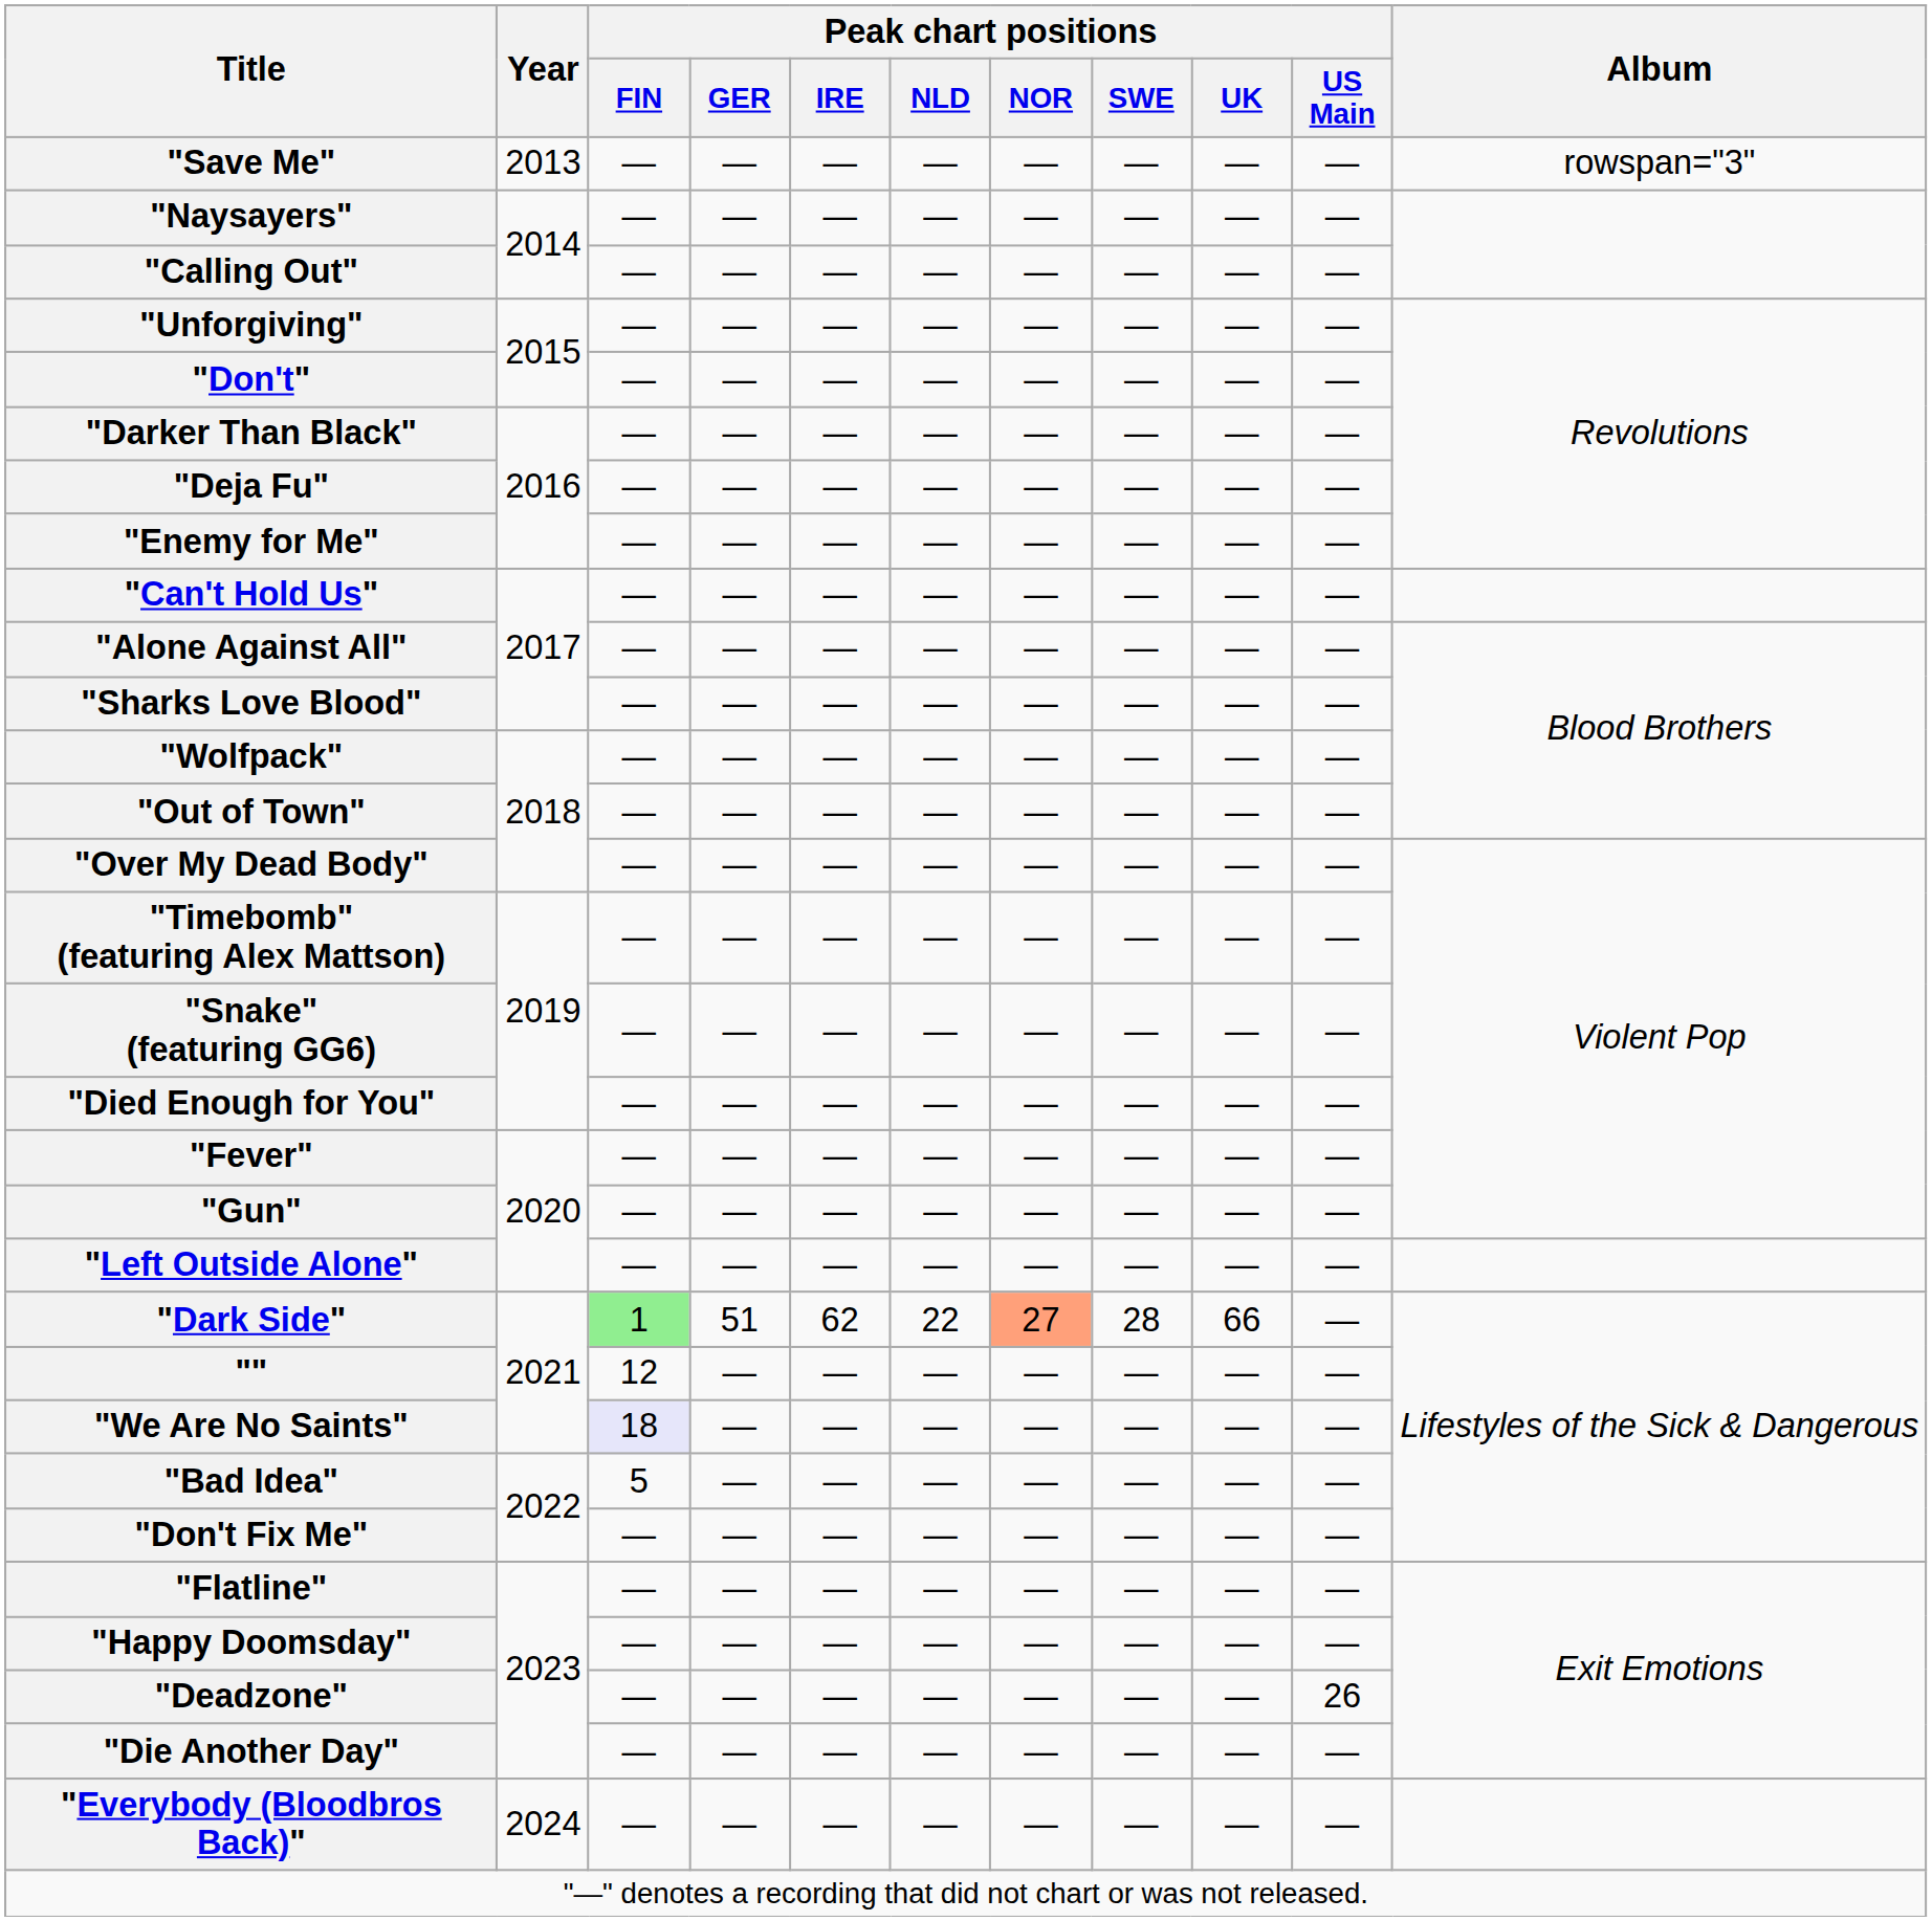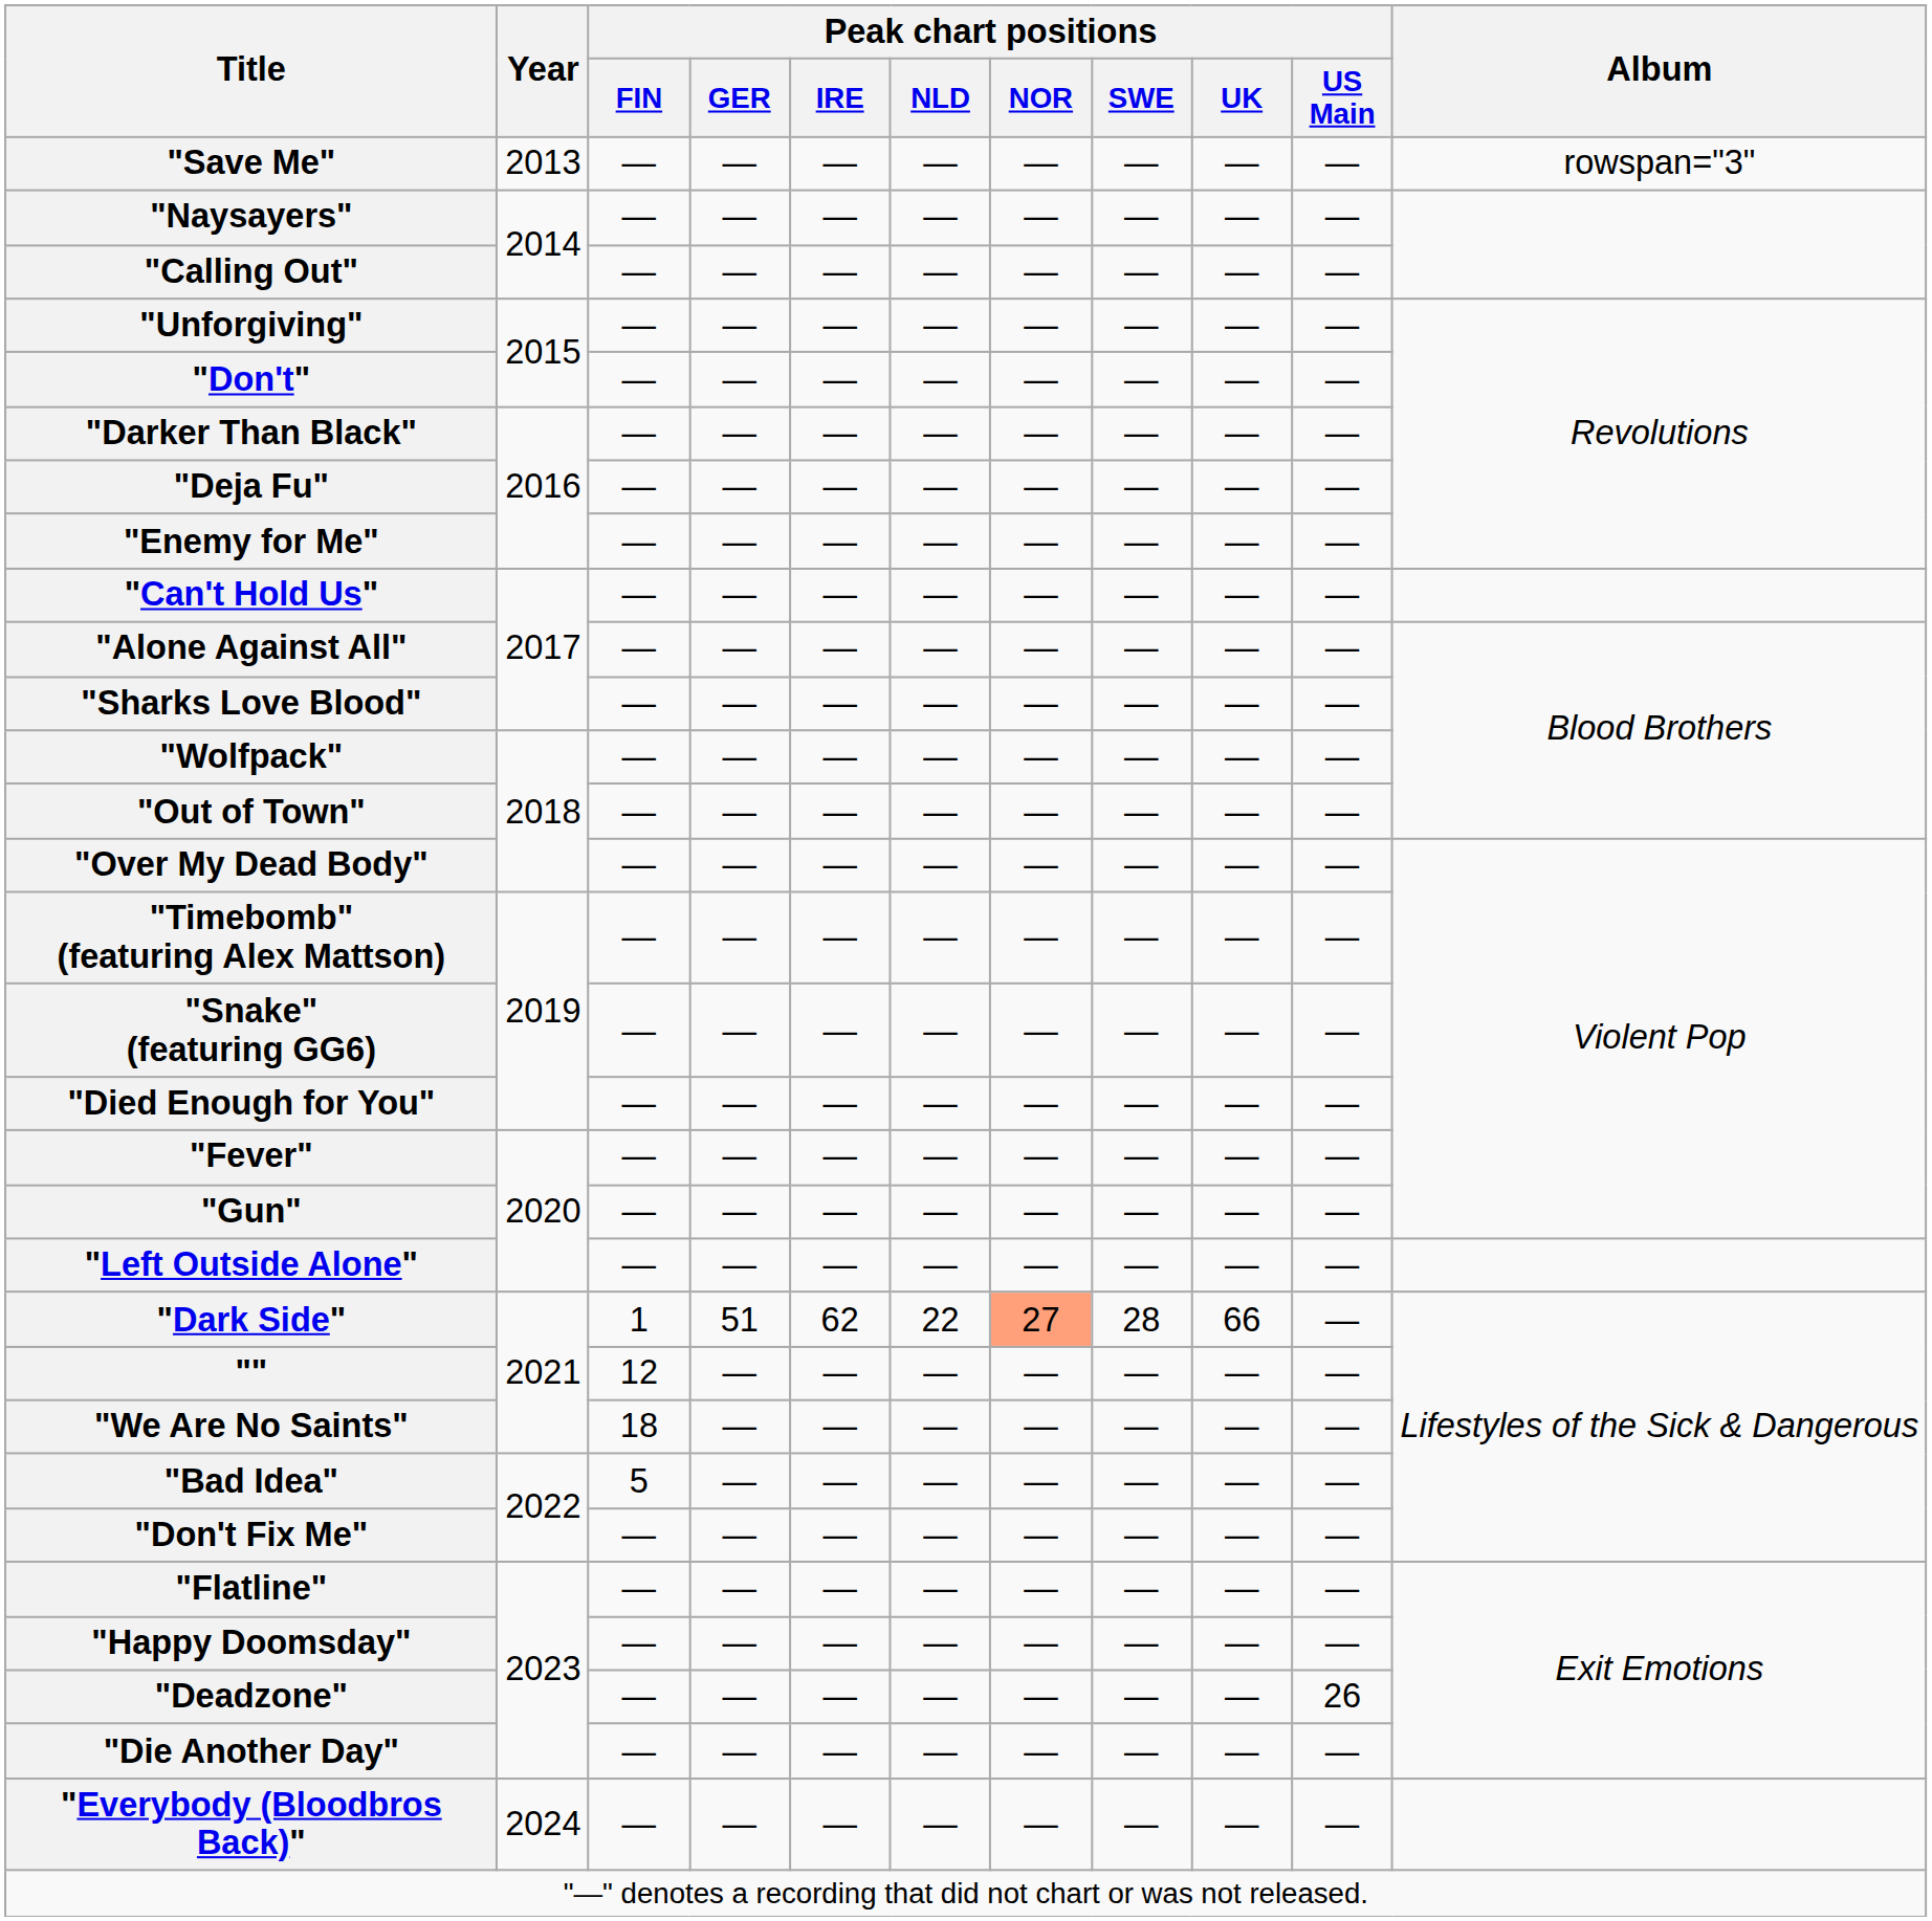 <table class="wikitable plainrowheaders" style="text-align:center;">
 <tr>
 <th scope="col" rowspan="2" style="width:14em;">Title</th>
 <th scope="col" rowspan="2" style="width:1em;">Year</th>
 <th scope="col" colspan="8">Peak chart positions</th>
 <th scope="col" rowspan="2">Album</th>
 </tr>
 <tr>
 <th scope="col" style="width:3em;font-size:85%;"><a href='#'>FIN</a><br></th>
 <th scope="col" style="width:3em;font-size:85%;"><a href='#'>GER</a><br></th>
 <th scope="col" style="width:3em;font-size:85%;"><a href='#'>IRE</a><br></th>
 <th scope="col" style="width:3em;font-size:85%;"><a href='#'>NLD</a><br></th>
 <th scope="col" style="width:3em;font-size:85%;"><a href='#'>NOR</a><br></th>
 <th scope="col" style="width:3em;font-size:85%;"><a href='#'>SWE</a><br></th>
 <th scope="col" style="width:3em;font-size:85%;"><a href='#'>UK</a><br></th>
 <th scope="col" style="width:3em;font-size:85%;"><a href='#'>US Main</a><br></th>
 </tr>
 <tr>
 <th scope="row">"Save Me"</th>
 <td>2013</td>
 <td>—</td>
 <td>—</td>
 <td>—</td>
 <td>—</td>
 <td>—</td>
 <td>—</td>
 <td>—</td>
 <td>—</td>
 <td>rowspan="3" </td>
 </tr>
 <tr>
 <th scope="row">"Naysayers"</th>
 <td rowspan="2">2014</td>
 <td>—</td>
 <td>—</td>
 <td>—</td>
 <td>—</td>
 <td>—</td>
 <td>—</td>
 <td>—</td>
 <td>—</td>
 </tr>
 <tr>
 <th scope="row">"Calling Out"</th>
 <td>—</td>
 <td>—</td>
 <td>—</td>
 <td>—</td>
 <td>—</td>
 <td>—</td>
 <td>—</td>
 <td>—</td>
 </tr>
 <tr>
 <th scope="row">"Unforgiving"</th>
 <td rowspan="2">2015</td>
 <td>—</td>
 <td>—</td>
 <td>—</td>
 <td>—</td>
 <td>—</td>
 <td>—</td>
 <td>—</td>
 <td>—</td>
 <td rowspan="5"><em>Revolutions</em></td>
 </tr>
 <tr>
 <th scope="row">"<a href='#'>Don't</a>"</th>
 <td>—</td>
 <td>—</td>
 <td>—</td>
 <td>—</td>
 <td>—</td>
 <td>—</td>
 <td>—</td>
 <td>—</td>
 </tr>
 <tr>
 <th scope="row">"Darker Than Black"</th>
 <td rowspan="3">2016</td>
 <td>—</td>
 <td>—</td>
 <td>—</td>
 <td>—</td>
 <td>—</td>
 <td>—</td>
 <td>—</td>
 <td>—</td>
 </tr>
 <tr>
 <th scope="row">"Deja Fu"</th>
 <td>—</td>
 <td>—</td>
 <td>—</td>
 <td>—</td>
 <td>—</td>
 <td>—</td>
 <td>—</td>
 <td>—</td>
 </tr>
 <tr>
 <th scope="row">"Enemy for Me"</th>
 <td>—</td>
 <td>—</td>
 <td>—</td>
 <td>—</td>
 <td>—</td>
 <td>—</td>
 <td>—</td>
 <td>—</td>
 </tr>
 <tr>
 <th scope="row">"<a href='#'>Can't Hold Us</a>"</th>
 <td rowspan="3">2017</td>
 <td>—</td>
 <td>—</td>
 <td>—</td>
 <td>—</td>
 <td>—</td>
 <td>—</td>
 <td>—</td>
 <td>—</td>
 <td></td>
 </tr>
 <tr>
 <th scope="row">"Alone Against All"</th>
 <td>—</td>
 <td>—</td>
 <td>—</td>
 <td>—</td>
 <td>—</td>
 <td>—</td>
 <td>—</td>
 <td>—</td>
 <td rowspan="4"><em>Blood Brothers</em></td>
 </tr>
 <tr>
 <th scope="row">"Sharks Love Blood"</th>
 <td>—</td>
 <td>—</td>
 <td>—</td>
 <td>—</td>
 <td>—</td>
 <td>—</td>
 <td>—</td>
 <td>—</td>
 </tr>
 <tr>
 <th scope="row">"Wolfpack"</th>
 <td rowspan="3">2018</td>
 <td>—</td>
 <td>—</td>
 <td>—</td>
 <td>—</td>
 <td>—</td>
 <td>—</td>
 <td>—</td>
 <td>—</td>
 </tr>
 <tr>
 <th scope="row">"Out of Town"</th>
 <td>—</td>
 <td>—</td>
 <td>—</td>
 <td>—</td>
 <td>—</td>
 <td>—</td>
 <td>—</td>
 <td>—</td>
 </tr>
 <tr>
 <th scope="row">"Over My Dead Body"</th>
 <td>—</td>
 <td>—</td>
 <td>—</td>
 <td>—</td>
 <td>—</td>
 <td>—</td>
 <td>—</td>
 <td>—</td>
 <td rowspan="6"><em>Violent Pop</em></td>
 </tr>
 <tr>
 <th scope="row">"Timebomb"<br><span>(featuring Alex Mattson)</span></th>
 <td rowspan="3">2019</td>
 <td>—</td>
 <td>—</td>
 <td>—</td>
 <td>—</td>
 <td>—</td>
 <td>—</td>
 <td>—</td>
 <td>—</td>
 </tr>
 <tr>
 <th scope="row">"Snake"<br><span>(featuring GG6)</span></th>
 <td>—</td>
 <td>—</td>
 <td>—</td>
 <td>—</td>
 <td>—</td>
 <td>—</td>
 <td>—</td>
 <td>—</td>
 </tr>
 <tr>
 <th scope="row">"Died Enough for You"</th>
 <td>—</td>
 <td>—</td>
 <td>—</td>
 <td>—</td>
 <td>—</td>
 <td>—</td>
 <td>—</td>
 <td>—</td>
 </tr>
 <tr>
 <th scope="row">"Fever" </th>
 <td rowspan="3">2020</td>
 <td>—</td>
 <td>—</td>
 <td>—</td>
 <td>—</td>
 <td>—</td>
 <td>—</td>
 <td>—</td>
 <td>—</td>
 </tr>
 <tr>
 <th scope="row">"Gun"</th>
 <td>—</td>
 <td>—</td>
 <td>—</td>
 <td>—</td>
 <td>—</td>
 <td>—</td>
 <td>—</td>
 <td>—</td>
 </tr>
 <tr>
 <th scope="row">"<a href='#'>Left Outside Alone</a>"</th>
 <td>—</td>
 <td>—</td>
 <td>—</td>
 <td>—</td>
 <td>—</td>
 <td>—</td>
 <td>—</td>
 <td>—</td>
 <td></td>
 </tr>
 <tr>
 <th scope="row">"<a href='#'>Dark Side</a>"</th>
 <td rowspan="3">2021</td>
-<td style="background: lightgreen;">1</td>
+<td>1</td>
 <td>51</td>
 <td>62</td>
 <td>22</td>
 <td style="background: lightsalmon;">27</td>
 <td>28</td>
 <td>66</td>
 <td>—</td>
 <td rowspan="5"><em>Lifestyles of the Sick & Dangerous</em></td>
 </tr>
 <tr>
 <th scope="row">""</th>
 <td>12</td>
 <td>—</td>
 <td>—</td>
 <td>—</td>
 <td>—</td>
 <td>—</td>
 <td>—</td>
 <td>—</td>
 </tr>
 <tr>
 <th scope="row">"We Are No Saints"</th>
-<td style="background: lavender;">18</td>
+<td>18</td>
 <td>—</td>
 <td>—</td>
 <td>—</td>
 <td>—</td>
 <td>—</td>
 <td>—</td>
 <td>—</td>
 </tr>
 <tr>
 <th scope="row">"Bad Idea"</th>
 <td rowspan="2">2022</td>
 <td>5</td>
 <td>—</td>
 <td>—</td>
 <td>—</td>
 <td>—</td>
 <td>—</td>
 <td>—</td>
 <td>—</td>
 </tr>
 <tr>
 <th scope="row">"Don't Fix Me"</th>
 <td>—</td>
 <td>—</td>
 <td>—</td>
 <td>—</td>
 <td>—</td>
 <td>—</td>
 <td>—</td>
 <td>—</td>
 </tr>
 <tr>
 <th scope="row">"Flatline"</th>
 <td rowspan="4">2023</td>
 <td>—</td>
 <td>—</td>
 <td>—</td>
 <td>—</td>
 <td>—</td>
 <td>—</td>
 <td>—</td>
 <td>—</td>
 <td rowspan="4"><em>Exit Emotions</em></td>
 </tr>
 <tr>
 <th scope="row">"Happy Doomsday"</th>
 <td>—</td>
 <td>—</td>
 <td>—</td>
 <td>—</td>
 <td>—</td>
 <td>—</td>
 <td>—</td>
 <td>—</td>
 </tr>
 <tr>
 <th scope="row">"Deadzone"</th>
 <td>—</td>
 <td>—</td>
 <td>—</td>
 <td>—</td>
 <td>—</td>
 <td>—</td>
 <td>—</td>
 <td>26</td>
 </tr>
 <tr>
 <th scope="row">"Die Another Day"</th>
 <td>—</td>
 <td>—</td>
 <td>—</td>
 <td>—</td>
 <td>—</td>
 <td>—</td>
 <td>—</td>
 <td>—</td>
 </tr>
 <tr>
 <th scope="row">"<a href='#'>Everybody (Bloodbros Back)</a>"</th>
 <td>2024</td>
 <td>—</td>
 <td>—</td>
 <td>—</td>
 <td>—</td>
 <td>—</td>
 <td>—</td>
 <td>—</td>
 <td>—</td>
 <td></td>
 </tr>
 <tr>
 <td style="font-size:85%;" colspan="22">"—" denotes a recording that did not chart or was not released.</td>
 </tr>
 </table>
